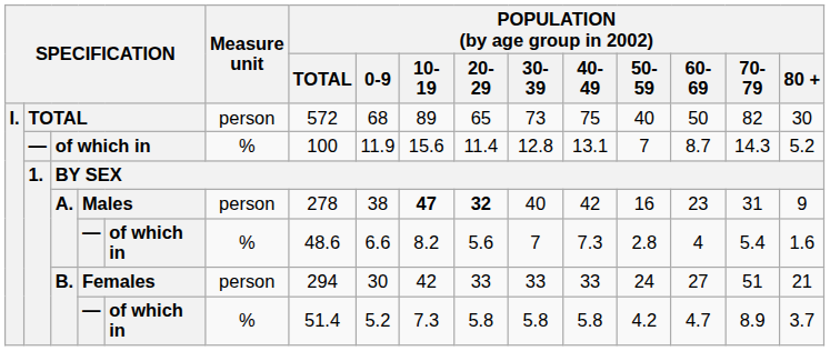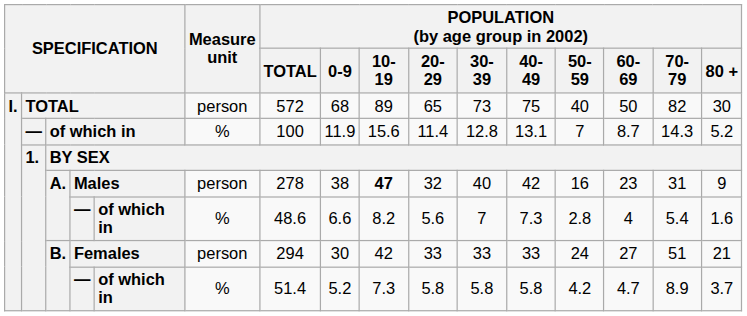 <table class="wikitable" style="font-size:85%; text-align:center">
 <tr>
 <th rowspan="2" colspan="5">SPECIFICATION</th>
 <th rowspan="2">Measure<br> unit</th>
 <th colspan="10" rowspan="1">POPULATION<br> (by age group in 2002)</th>
 </tr>
 <tr>
 <th>TOTAL</th>
 <th>0-9</th>
 <th>10-19</th>
 <th>20-29</th>
 <th>30-39</th>
 <th>40-49</th>
 <th>50-59</th>
 <th>60-69</th>
 <th>70-79</th>
 <th>80 +</th>
 </tr>
 <tr>
 <th style="text-align:left" valign="top" rowspan="7">I.</th>
 <th style="text-align:left" colspan="4">TOTAL</th>
 <td>person</td>
 <td>572</td>
 <td>68</td>
 <td>89</td>
 <td>65</td>
 <td>73</td>
 <td>75</td>
 <td>40</td>
 <td>50</td>
 <td>82</td>
 <td>30</td>
 </tr>
 <tr>
 <th style="text-align:left" valign="top">—</th>
 <th style="text-align:left" colspan="3">of which in</th>
 <td>%</td>
 <td>100</td>
 <td>11.9</td>
 <td>15.6</td>
 <td>11.4</td>
 <td>12.8</td>
 <td>13.1</td>
 <td>7</td>
 <td>8.7</td>
 <td>14.3</td>
 <td>5.2</td>
 </tr>
 <tr>
 <th style="text-align:left" valign="top" rowspan="5">1.</th>
 <th style="text-align:left" colspan="14">BY SEX</th>
 </tr>
 <tr>
 <th style="text-align:left" valign="top" rowspan="2">A.</th>
 <th style="text-align:left" colspan="2">Males</th>
 <td>person</td>
 <td>278</td>
 <td>38</td>
 <td><strong>47</strong></td>
-<td><strong>32</strong></td>
+<td>32</td>
 <td>40</td>
 <td>42</td>
 <td>16</td>
 <td>23</td>
 <td>31</td>
 <td>9</td>
 </tr>
 <tr>
 <th style="text-align:left" valign="top">—</th>
 <th style="text-align:left" colspan="1">of which in</th>
 <td>%</td>
 <td>48.6</td>
 <td>6.6</td>
 <td>8.2</td>
 <td>5.6</td>
 <td>7</td>
 <td>7.3</td>
 <td>2.8</td>
 <td>4</td>
 <td>5.4</td>
 <td>1.6</td>
 </tr>
 <tr>
 <th style="text-align:left" valign="top" rowspan="2">B.</th>
 <th style="text-align:left" colspan="2">Females</th>
 <td>person</td>
 <td>294</td>
 <td>30</td>
 <td>42</td>
 <td>33</td>
 <td>33</td>
 <td>33</td>
 <td>24</td>
 <td>27</td>
 <td>51</td>
 <td>21</td>
 </tr>
 <tr>
 <th style="text-align:left" valign="top">—</th>
 <th style="text-align:left" colspan="1">of which in</th>
 <td>%</td>
 <td>51.4</td>
 <td>5.2</td>
 <td>7.3</td>
 <td>5.8</td>
 <td>5.8</td>
 <td>5.8</td>
 <td>4.2</td>
 <td>4.7</td>
 <td>8.9</td>
 <td>3.7</td>
 </tr>
 </table>
